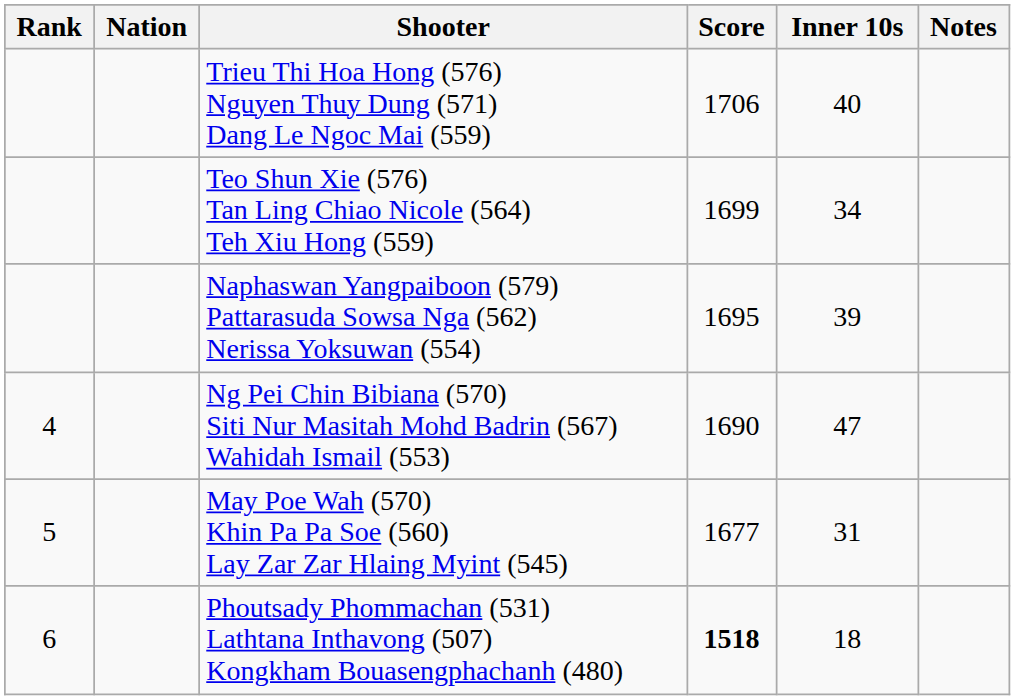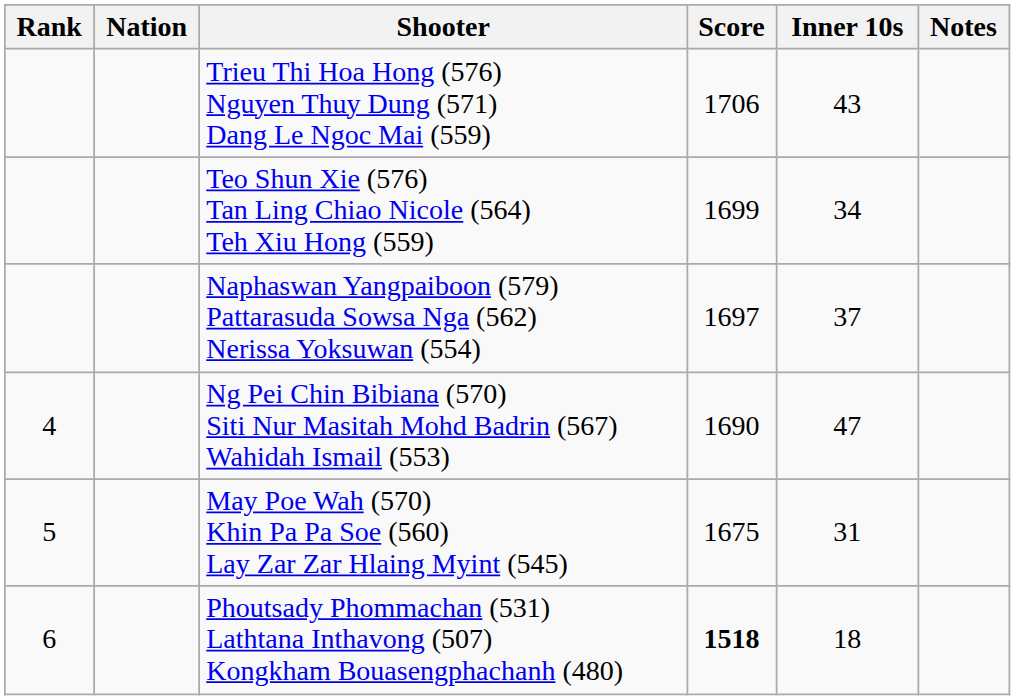 <table class="wikitable sortable" style="text-align:center" width=65%>
 <tr>
 <th>Rank</th>
 <th>Nation</th>
 <th>Shooter</th>
 <th>Score</th>
 <th>Inner 10s</th>
 <th>Notes</th>
 </tr>
 <tr>
 <td></td>
 <td align=left></td>
 <td align=left><a href='#'>Trieu Thi Hoa Hong</a> (576) <br><a href='#'>Nguyen Thuy Dung</a> (571) <br><a href='#'>Dang Le Ngoc Mai</a> (559)</td>
 <td>1706</td>
-<td>40</td>
+<td>43</td>
 <td></td>
 </tr>
 <tr>
 <td></td>
 <td align=left></td>
 <td align=left><a href='#'>Teo Shun Xie</a> (576) <br><a href='#'>Tan Ling Chiao Nicole</a> (564) <br><a href='#'>Teh Xiu Hong</a> (559)</td>
 <td>1699</td>
 <td>34</td>
 <td></td>
 </tr>
 <tr>
 <td></td>
 <td align=left></td>
 <td align=left><a href='#'>Naphaswan Yangpaiboon</a> (579) <br><a href='#'>Pattarasuda Sowsa Nga</a> (562) <br><a href='#'>Nerissa Yoksuwan</a> (554)</td>
-<td>1695</td>
-<td>39</td>
+<td>1697</td>
+<td>37</td>
 <td></td>
 </tr>
 <tr>
 <td>4</td>
 <td align=left></td>
 <td align=left><a href='#'>Ng Pei Chin Bibiana</a> (570) <br><a href='#'>Siti Nur Masitah Mohd Badrin</a> (567) <br><a href='#'>Wahidah Ismail</a> (553)</td>
 <td>1690</td>
 <td>47</td>
 <td></td>
 </tr>
 <tr>
 <td>5</td>
 <td align=left></td>
 <td align=left><a href='#'>May Poe Wah</a> (570) <br><a href='#'>Khin Pa Pa Soe</a> (560) <br><a href='#'>Lay Zar Zar Hlaing Myint</a> (545)</td>
-<td>1677</td>
+<td>1675</td>
 <td>31</td>
 <td></td>
 </tr>
 <tr>
 <td>6</td>
 <td align=left></td>
 <td align=left><a href='#'>Phoutsady Phommachan</a> (531) <br><a href='#'>Lathtana Inthavong</a> (507) <br><a href='#'>Kongkham Bouasengphachanh</a> (480)</td>
 <td><strong>1518</strong></td>
 <td>18</td>
 <td></td>
 </tr>
 </table>
